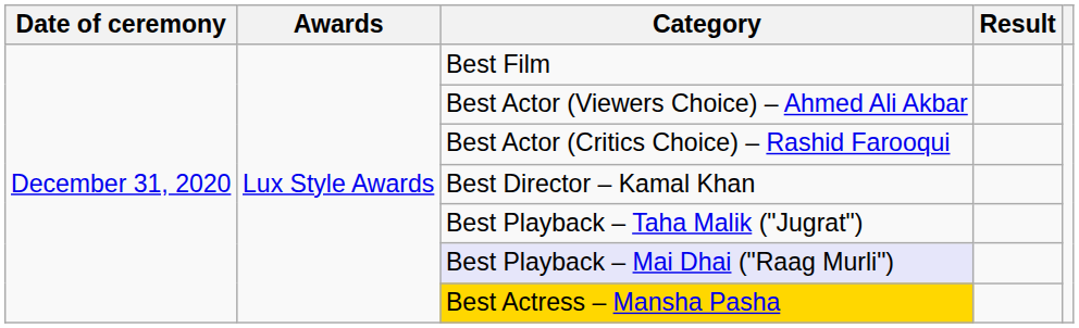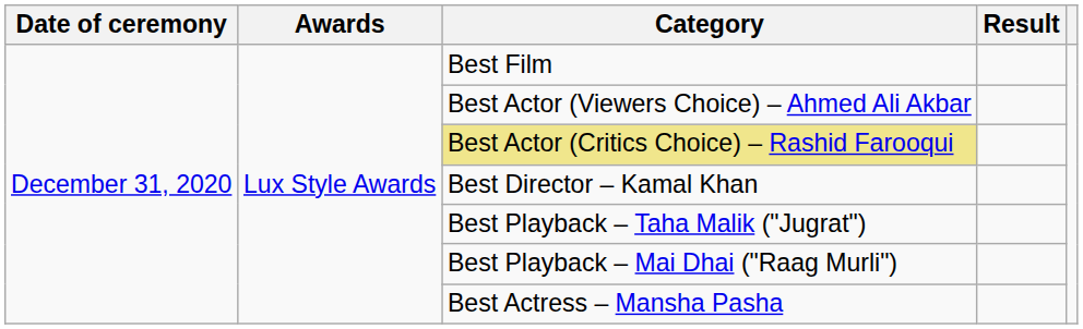 <table class="wikitable sortable">
 <tr>
 <th>Date of ceremony</th>
 <th>Awards</th>
 <th>Category</th>
 <th>Result</th>
 <th scope="col" class="unsortable"></th>
 </tr>
 <tr>
 <td rowspan="7"><a href='#'>December 31, 2020</a></td>
 <td rowspan="7"><a href='#'>Lux Style Awards</a></td>
 <td>Best Film</td>
 <td></td>
 <td rowspan="7"></td>
 </tr>
 <tr>
 <td>Best Actor (Viewers Choice) – <a href='#'>Ahmed Ali Akbar</a></td>
 <td></td>
 </tr>
 <tr>
-<td>Best Actor (Critics Choice) – <a href='#'>Rashid Farooqui</a></td>
+<td style="background: khaki;">Best Actor (Critics Choice) – <a href='#'>Rashid Farooqui</a></td>
 <td></td>
 </tr>
 <tr>
 <td>Best Director – Kamal Khan</td>
 <td></td>
 </tr>
 <tr>
 <td>Best Playback – <a href='#'>Taha Malik</a> ("Jugrat")</td>
 <td></td>
 </tr>
 <tr>
-<td style="background: lavender;">Best Playback – <a href='#'>Mai Dhai</a> ("Raag Murli")</td>
+<td>Best Playback – <a href='#'>Mai Dhai</a> ("Raag Murli")</td>
 <td></td>
 </tr>
 <tr>
-<td style="background: gold;">Best Actress – <a href='#'>Mansha Pasha</a></td>
+<td>Best Actress – <a href='#'>Mansha Pasha</a></td>
 <td></td>
 </tr>
 </table>
